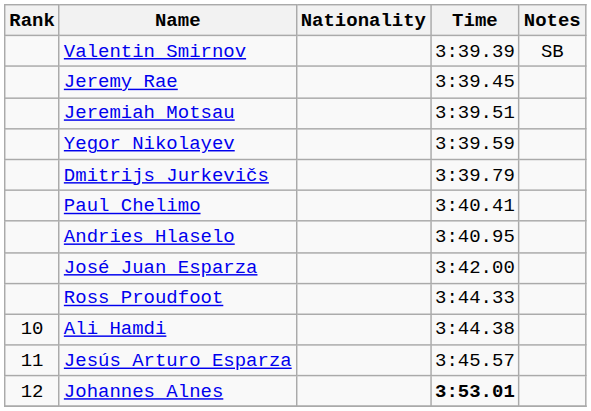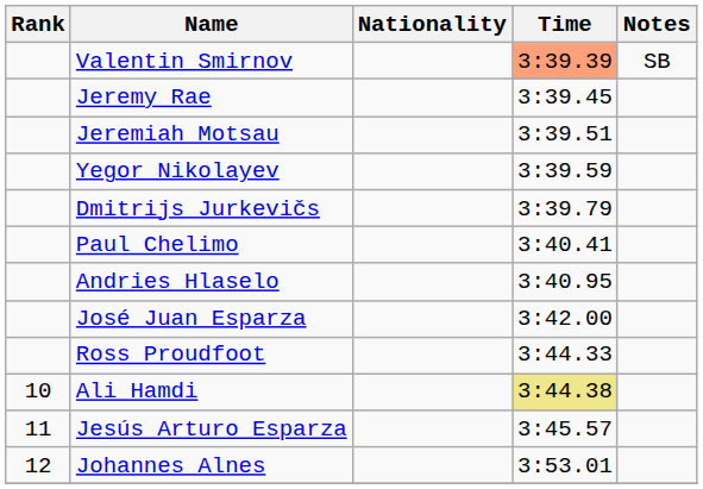 <table class="wikitable sortable" style="text-align:center">
 <tr>
 <th>Rank</th>
 <th>Name</th>
 <th>Nationality</th>
 <th>Time</th>
 <th>Notes</th>
 </tr>
 <tr>
 <td></td>
 <td align=left><a href='#'>Valentin Smirnov</a></td>
 <td align=left></td>
-<td>3:39.39</td>
+<td style="background: lightsalmon;">3:39.39</td>
 <td>SB</td>
 </tr>
 <tr>
 <td></td>
 <td align=left><a href='#'>Jeremy Rae</a></td>
 <td align=left></td>
 <td>3:39.45</td>
 <td></td>
 </tr>
 <tr>
 <td></td>
 <td align=left><a href='#'>Jeremiah Motsau</a></td>
 <td align=left></td>
 <td>3:39.51</td>
 <td></td>
 </tr>
 <tr>
 <td></td>
 <td align=left><a href='#'>Yegor Nikolayev</a></td>
 <td align=left></td>
 <td>3:39.59</td>
 <td></td>
 </tr>
 <tr>
 <td></td>
 <td align=left><a href='#'>Dmitrijs Jurkevičs</a></td>
 <td align=left></td>
 <td>3:39.79</td>
 <td></td>
 </tr>
 <tr>
 <td></td>
 <td align=left><a href='#'>Paul Chelimo</a></td>
 <td align=left></td>
 <td>3:40.41</td>
 <td></td>
 </tr>
 <tr>
 <td></td>
 <td align=left><a href='#'>Andries Hlaselo</a></td>
 <td align=left></td>
 <td>3:40.95</td>
 <td></td>
 </tr>
 <tr>
 <td></td>
 <td align=left><a href='#'>José Juan Esparza</a></td>
 <td align=left></td>
 <td>3:42.00</td>
 <td></td>
 </tr>
 <tr>
 <td></td>
 <td align=left><a href='#'>Ross Proudfoot</a></td>
 <td align=left></td>
 <td>3:44.33</td>
 <td></td>
 </tr>
 <tr>
 <td>10</td>
 <td align=left><a href='#'>Ali Hamdi</a></td>
 <td align=left></td>
-<td>3:44.38</td>
+<td style="background: khaki;">3:44.38</td>
 <td></td>
 </tr>
 <tr>
 <td>11</td>
 <td align=left><a href='#'>Jesús Arturo Esparza</a></td>
 <td align=left></td>
 <td>3:45.57</td>
 <td></td>
 </tr>
 <tr>
 <td>12</td>
 <td align=left><a href='#'>Johannes Alnes</a></td>
 <td align=left></td>
-<td><strong>3:53.01</strong></td>
+<td>3:53.01</td>
 <td></td>
 </tr>
 <tr>
 </tr>
 </table>
